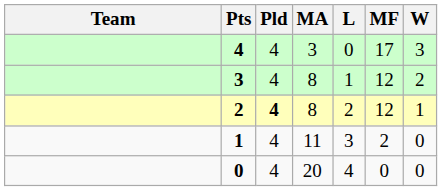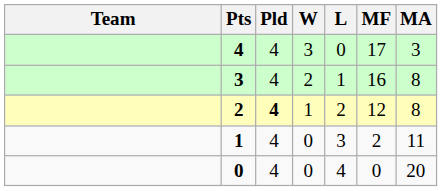 <table class=wikitable style="text-align:center">
 <tr>
 <th width=175>Team</th>
 <th width=20>Pts</th>
 <th width=20>Pld</th>
-<th width=20>MA</th>
+<th width=20>W</th>
 <th width=20>L</th>
 <th width=20>MF</th>
-<th width=20>W</th>
+<th width=20>MA</th>
 </tr>
 <tr bgcolor=#ccffcc>
 <td style="text-align:left"></td>
 <td><strong>4</strong></td>
 <td>4</td>
 <td>3</td>
 <td>0</td>
 <td>17</td>
 <td>3</td>
 </tr>
 <tr bgcolor=#ccffcc>
 <td style="text-align:left"></td>
 <td><strong>3</strong></td>
 <td>4</td>
+<td>2</td>
+<td>1</td>
+<td>16</td>
 <td>8</td>
-<td>1</td>
-<td>12</td>
-<td>2</td>
 </tr>
 <tr bgcolor=#ffffbb>
 <td style="text-align:left"></td>
 <td><strong>2</strong></td>
 <td><strong>4</strong></td>
-<td>8</td>
+<td>1</td>
 <td>2</td>
 <td>12</td>
-<td>1</td>
+<td>8</td>
 </tr>
 <tr>
 <td style="text-align:left"></td>
 <td><strong>1</strong></td>
 <td>4</td>
-<td>11</td>
+<td>0</td>
 <td>3</td>
 <td>2</td>
-<td>0</td>
+<td>11</td>
 </tr>
 <tr>
 <td style="text-align:left"></td>
 <td><strong>0</strong></td>
 <td>4</td>
-<td>20</td>
+<td>0</td>
 <td>4</td>
 <td>0</td>
-<td>0</td>
+<td>20</td>
 </tr>
 </table>
